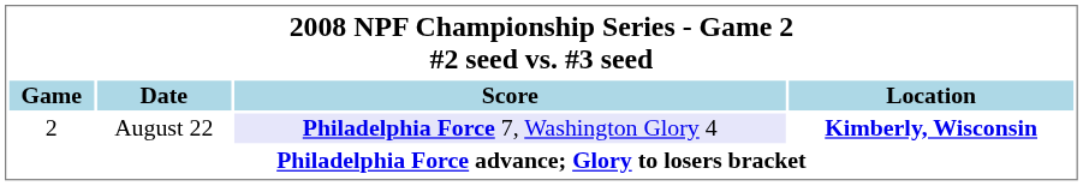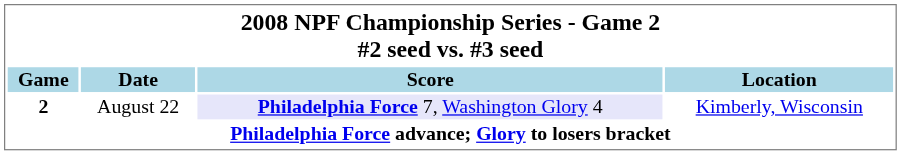 <table cellpadding="1"  style="min-width:45em;text-align:center;font-size:100%; border:1px solid gray;">
 <tr style="font-size:larger;">
 <th colspan=8>2008 NPF Championship Series - Game 2<br>#2 seed vs. #3 seed</th>
 </tr>
 <tr style="background:lightblue;">
 <th>Game</th>
 <th>Date</th>
 <th>Score</th>
 <th>Location</th>
 </tr>
 <tr>
-<td>2</td>
+<td><strong>2</strong></td>
 <td>August 22</td>
 <td style="background: lavender;"><strong><a href='#'>Philadelphia Force</a></strong> 7, <a href='#'>Washington Glory</a> 4</td>
-<td><strong><a href='#'>Kimberly, Wisconsin</a></strong></td>
+<td><a href='#'>Kimberly, Wisconsin</a></td>
 </tr>
 <tr>
 <th colspan=8><strong><a href='#'>Philadelphia Force</a></strong> advance; <a href='#'>Glory</a> to losers bracket</th>
 </tr>
 </table>
